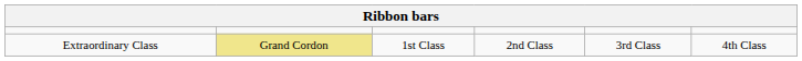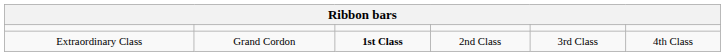 <table class="wikitable" width=70%>
 <tr>
 <th colspan=6>Ribbon bars </th>
 </tr>
 <tr align=center>
 <td></td>
 <td></td>
 <td></td>
 <td></td>
 <td></td>
 <td></td>
 </tr>
 <tr align=center>
 <td><small> Extraordinary Class </small></td>
-<td style="background: khaki;"><small> Grand Cordon </small></td>
-<td><small>1st Class </small></td>
+<td><small> Grand Cordon </small></td>
+<td><strong><small>1st Class </small></strong></td>
 <td><small>2nd Class </small></td>
 <td><small>3rd Class  </small></td>
 <td><small>4th Class</small></td>
 </tr>
 </table>
